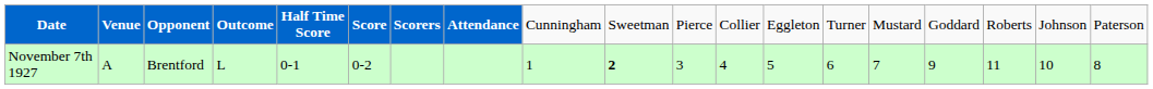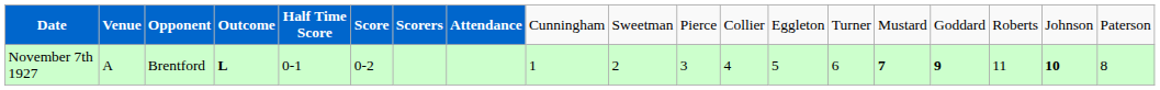 <table class="wikitable">
 <tr>
 <td style="background:#0066CC; color:#FFFFFF; text-align:center;"><strong>Date</strong></td>
 <td style="background:#0066CC; color:#FFFFFF; text-align:center;"><strong>Venue</strong></td>
 <td style="background:#0066CC; color:#FFFFFF; text-align:center;"><strong>Opponent</strong></td>
 <td style="background:#0066CC; color:#FFFFFF; text-align:center;"><strong>Outcome</strong></td>
 <td style="background:#0066CC; color:#FFFFFF; text-align:center;"><strong>Half Time Score</strong></td>
 <td style="background:#0066CC; color:#FFFFFF; text-align:center;"><strong>Score</strong></td>
 <td style="background:#0066CC; color:#FFFFFF; text-align:center;"><strong>Scorers</strong></td>
 <td style="background:#0066CC; color:#FFFFFF; text-align:center;"><strong>Attendance</strong></td>
 <td>Cunningham</td>
 <td>Sweetman</td>
 <td>Pierce</td>
 <td>Collier</td>
 <td>Eggleton</td>
 <td>Turner</td>
 <td>Mustard</td>
 <td>Goddard</td>
 <td>Roberts</td>
 <td>Johnson</td>
 <td>Paterson</td>
 </tr>
 <tr bgcolor="#CCFFCC">
 <td>November 7th 1927</td>
 <td>A</td>
 <td>Brentford</td>
-<td>L</td>
+<td><strong>L</strong></td>
 <td>0-1</td>
 <td>0-2</td>
 <td></td>
 <td></td>
 <td>1</td>
-<td><strong>2</strong></td>
+<td>2</td>
 <td>3</td>
 <td>4</td>
 <td>5</td>
 <td>6</td>
-<td>7</td>
-<td>9</td>
+<td><strong>7</strong></td>
+<td><strong>9</strong></td>
 <td>11</td>
-<td>10</td>
+<td><strong>10</strong></td>
 <td>8</td>
 </tr>
 </table>
